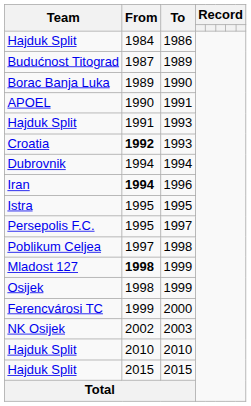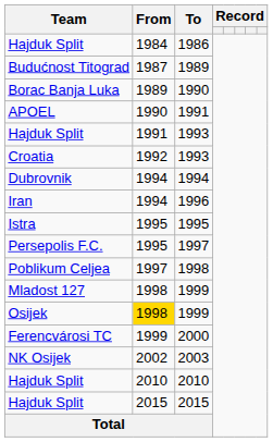 <table class=wikitable style="text-align: center">
 <tr>
 <th rowspan=2>Team</th>
 <th rowspan=2>From</th>
 <th rowspan=2>To</th>
 <th colspan=5>Record</th>
 </tr>
 <tr>
 <th></th>
 <th></th>
 <th></th>
 <th></th>
 <th></th>
 </tr>
 <tr>
 <td align=left><a href='#'>Hajduk Split</a></td>
 <td align=left>1984</td>
 <td align=left>1986<br></td>
 </tr>
 <tr>
 <td align=left><a href='#'>Budućnost Titograd</a></td>
 <td align=left>1987</td>
 <td align=left>1989<br></td>
 </tr>
 <tr>
 <td align=left><a href='#'>Borac Banja Luka</a></td>
 <td align=left>1989</td>
 <td align=left>1990<br></td>
 </tr>
 <tr>
 <td align=left><a href='#'>APOEL</a></td>
 <td align=left>1990</td>
 <td align=left>1991<br></td>
 </tr>
 <tr>
 <td align=left><a href='#'>Hajduk Split</a></td>
 <td align=left>1991</td>
 <td align=left>1993<br></td>
 </tr>
 <tr>
 <td align=left><a href='#'>Croatia</a></td>
-<td align=left><strong>1992</strong></td>
+<td align=left>1992</td>
 <td align=left>1993<br></td>
 </tr>
 <tr>
 <td align=left><a href='#'>Dubrovnik</a></td>
 <td align=left>1994</td>
 <td align=left>1994<br></td>
 </tr>
 <tr>
 <td align=left><a href='#'>Iran</a></td>
-<td align=left><strong>1994</strong></td>
+<td align=left>1994</td>
 <td align=left>1996<br></td>
 </tr>
 <tr>
 <td align=left><a href='#'>Istra</a></td>
 <td align=left>1995</td>
 <td align=left>1995<br></td>
 </tr>
 <tr>
 <td align=left><a href='#'>Persepolis F.C.</a></td>
 <td align=left>1995</td>
 <td align=left>1997<br></td>
 </tr>
 <tr>
 <td align=left><a href='#'>Poblikum Celjea</a></td>
 <td align=left>1997</td>
 <td align=left>1998<br></td>
 </tr>
 <tr>
 <td align=left><a href='#'>Mladost 127</a></td>
-<td align=left><strong>1998</strong></td>
+<td align=left>1998</td>
 <td align=left>1999<br></td>
 </tr>
 <tr>
 <td align=left><a href='#'>Osijek</a></td>
-<td align=left>1998</td>
+<td align=left style="background: gold;">1998</td>
 <td align=left>1999<br></td>
 </tr>
 <tr>
 <td align=left><a href='#'>Ferencvárosi TC</a></td>
 <td align=left>1999</td>
 <td align=left>2000<br></td>
 </tr>
 <tr>
 <td align=left><a href='#'>NK Osijek</a></td>
 <td align=left>2002</td>
 <td align=left>2003<br></td>
 </tr>
 <tr>
 <td align=left><a href='#'>Hajduk Split</a></td>
 <td align=left>2010</td>
 <td align=left>2010<br></td>
 </tr>
 <tr>
 <td align=left><a href='#'>Hajduk Split</a></td>
 <td align=left>2015</td>
 <td align=left>2015<br></td>
 </tr>
 <tr>
 <th colspan=3>Total<br></th>
 </tr>
 </table>
